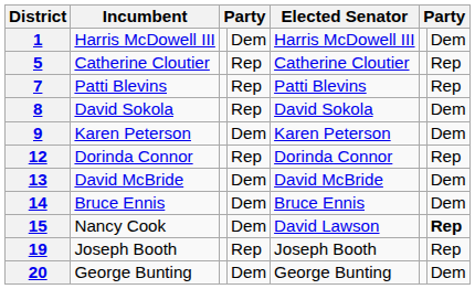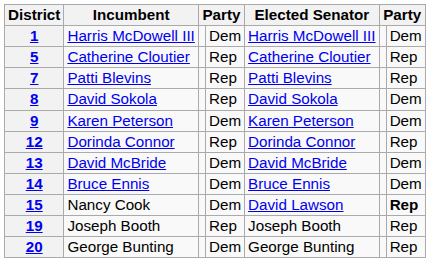 <table class="sortable wikitable" style="font-size:95%;line-height:14px;">
 <tr>
 <th colspan="1">District</th>
 <th class="unsortable">Incumbent</th>
 <th colspan="2">Party</th>
 <th class="unsortable">Elected Senator</th>
 <th colspan="2">Party</th>
 </tr>
 <tr>
 <th><a href='#'>1</a></th>
 <td><a href='#'>Harris McDowell III</a></td>
 <td style="background:"></td>
 <td>Dem</td>
 <td><a href='#'>Harris McDowell III</a></td>
 <td style="background:"></td>
 <td>Dem</td>
 </tr>
 <tr>
 <th><a href='#'>5</a></th>
 <td><a href='#'>Catherine Cloutier</a></td>
 <td style="background:"></td>
 <td>Rep</td>
 <td><a href='#'>Catherine Cloutier</a></td>
 <td style="background:"></td>
 <td>Rep</td>
 </tr>
 <tr>
 <th><a href='#'>7</a></th>
 <td><a href='#'>Patti Blevins</a></td>
 <td style="background:"></td>
 <td>Rep</td>
 <td><a href='#'>Patti Blevins</a></td>
 <td style="background:"></td>
 <td>Rep</td>
 </tr>
 <tr>
 <th><a href='#'>8</a></th>
 <td><a href='#'>David Sokola</a></td>
 <td style="background:"></td>
 <td>Rep</td>
 <td><a href='#'>David Sokola</a></td>
 <td style="background:"></td>
 <td>Dem</td>
 </tr>
 <tr>
 <th><a href='#'>9</a></th>
 <td><a href='#'>Karen Peterson</a></td>
 <td style="background:"></td>
 <td>Dem</td>
 <td><a href='#'>Karen Peterson</a></td>
 <td style="background:"></td>
 <td>Dem</td>
 </tr>
 <tr>
 <th><a href='#'>12</a></th>
 <td><a href='#'>Dorinda Connor</a></td>
 <td style="background:"></td>
 <td>Rep</td>
 <td><a href='#'>Dorinda Connor</a></td>
 <td style="background:"></td>
 <td>Rep</td>
 </tr>
 <tr>
 <th><a href='#'>13</a></th>
 <td><a href='#'>David McBride</a></td>
 <td style="background:"></td>
 <td>Dem</td>
 <td><a href='#'>David McBride</a></td>
 <td style="background:"></td>
 <td>Dem</td>
 </tr>
 <tr>
 <th><a href='#'>14</a></th>
 <td><a href='#'>Bruce Ennis</a></td>
 <td style="background:"></td>
 <td>Dem</td>
 <td><a href='#'>Bruce Ennis</a></td>
 <td style="background:"></td>
 <td>Dem</td>
 </tr>
 <tr>
 <th><a href='#'>15</a></th>
 <td>Nancy Cook</td>
 <td style="background:"></td>
 <td>Dem</td>
 <td><a href='#'>David Lawson</a></td>
 <td style="background:"></td>
 <td><strong>Rep</strong></td>
 </tr>
 <tr>
 <th><a href='#'>19</a></th>
 <td>Joseph Booth</td>
 <td style="background:"></td>
 <td>Rep</td>
 <td>Joseph Booth</td>
 <td style="background:"></td>
 <td>Rep</td>
 </tr>
 <tr>
 <th><a href='#'>20</a></th>
 <td>George Bunting</td>
 <td style="background:"></td>
 <td>Dem</td>
 <td>George Bunting</td>
 <td style="background:"></td>
-<td>Dem</td>
+<td>Rep</td>
 </tr>
 </table>
